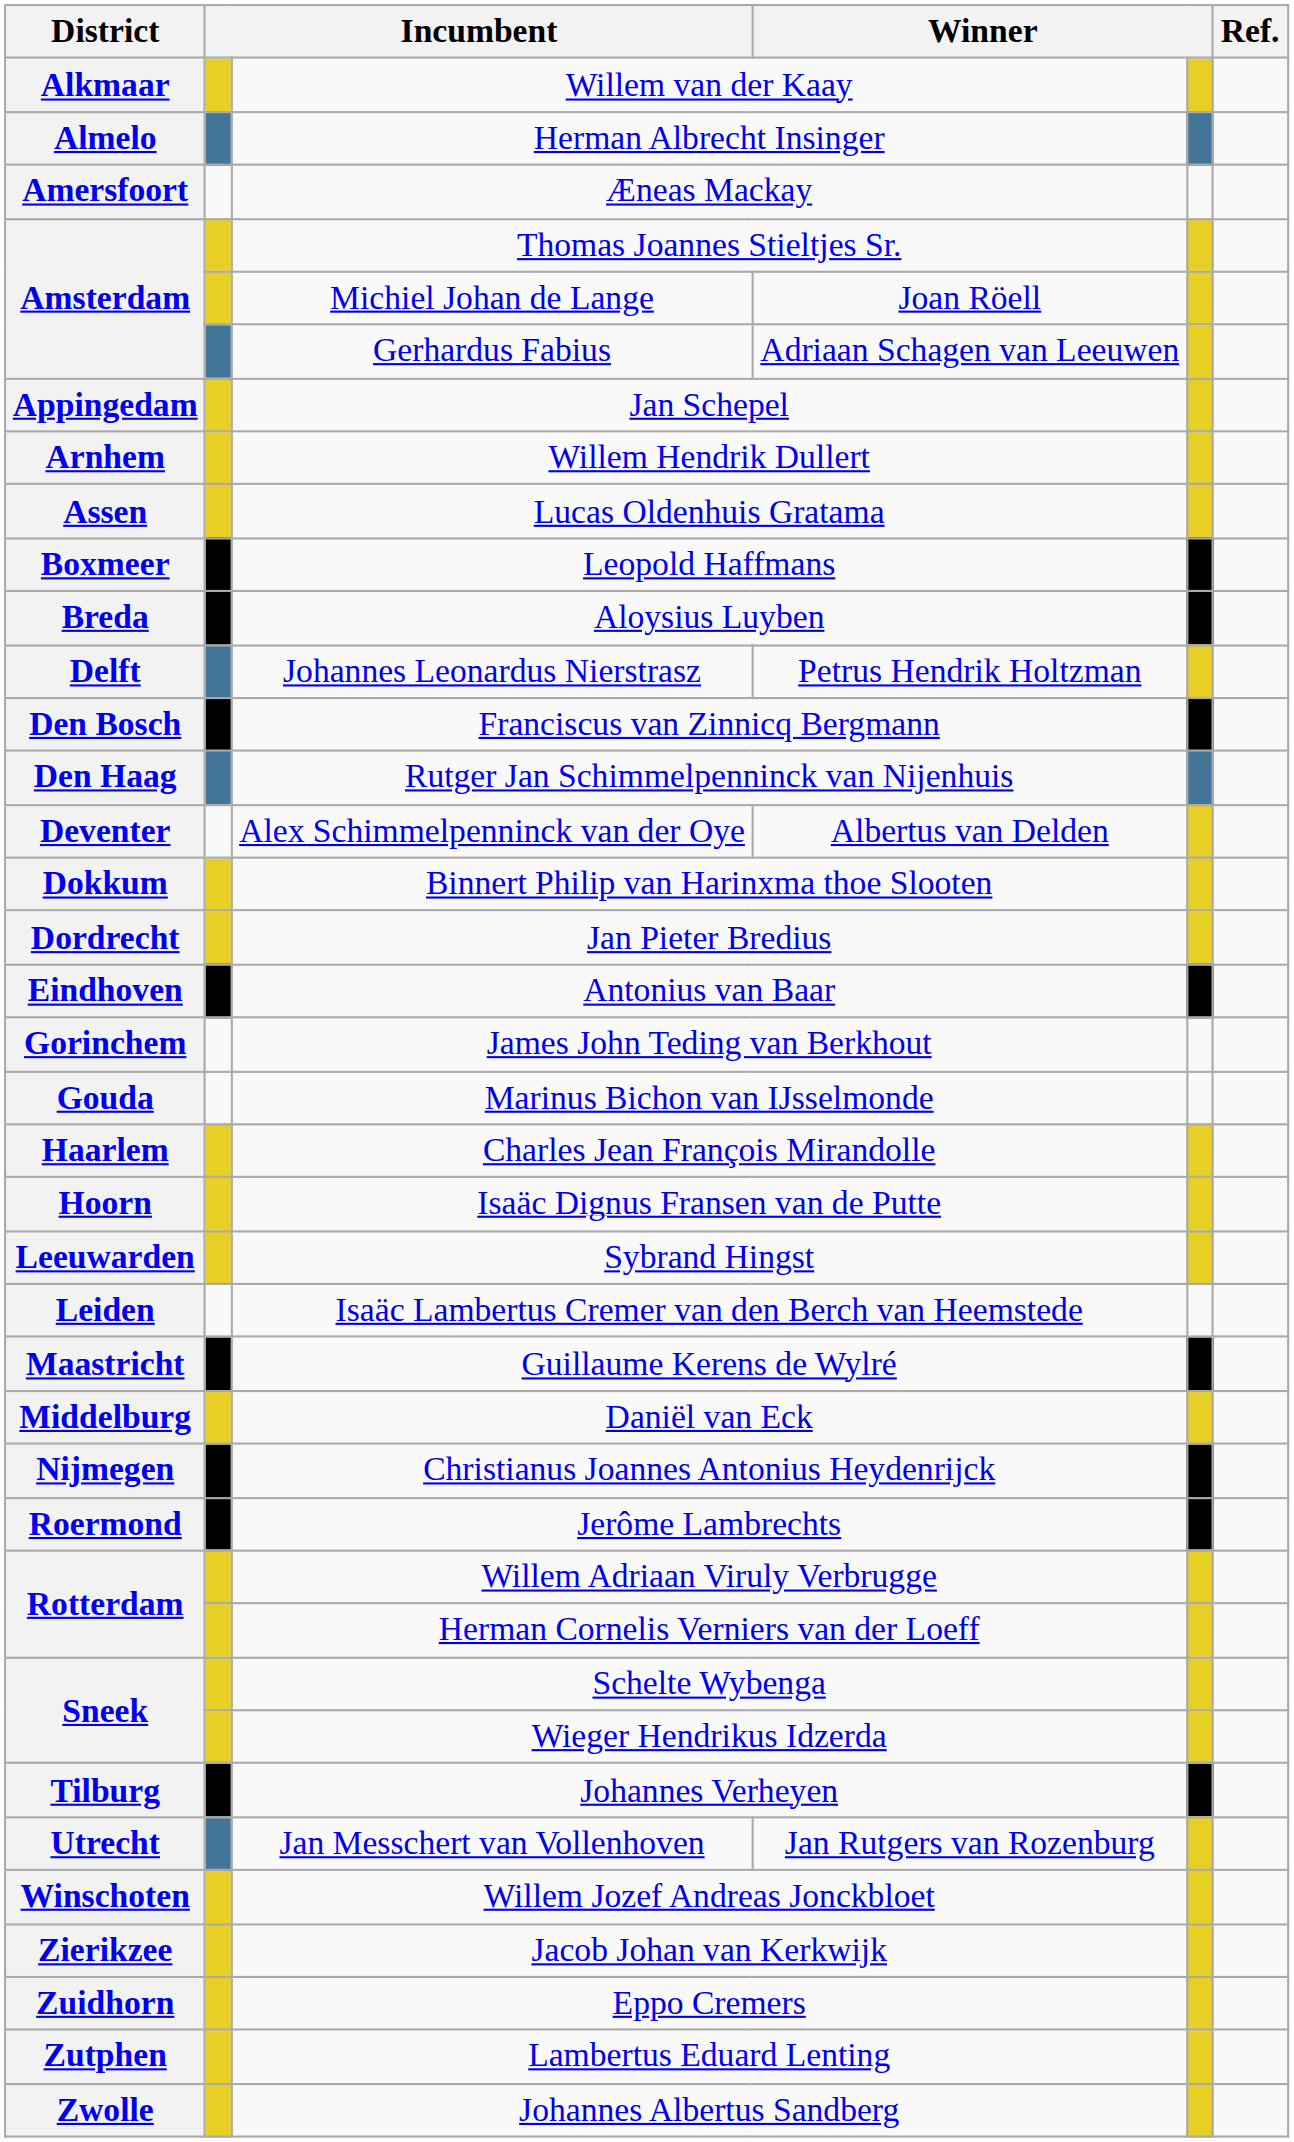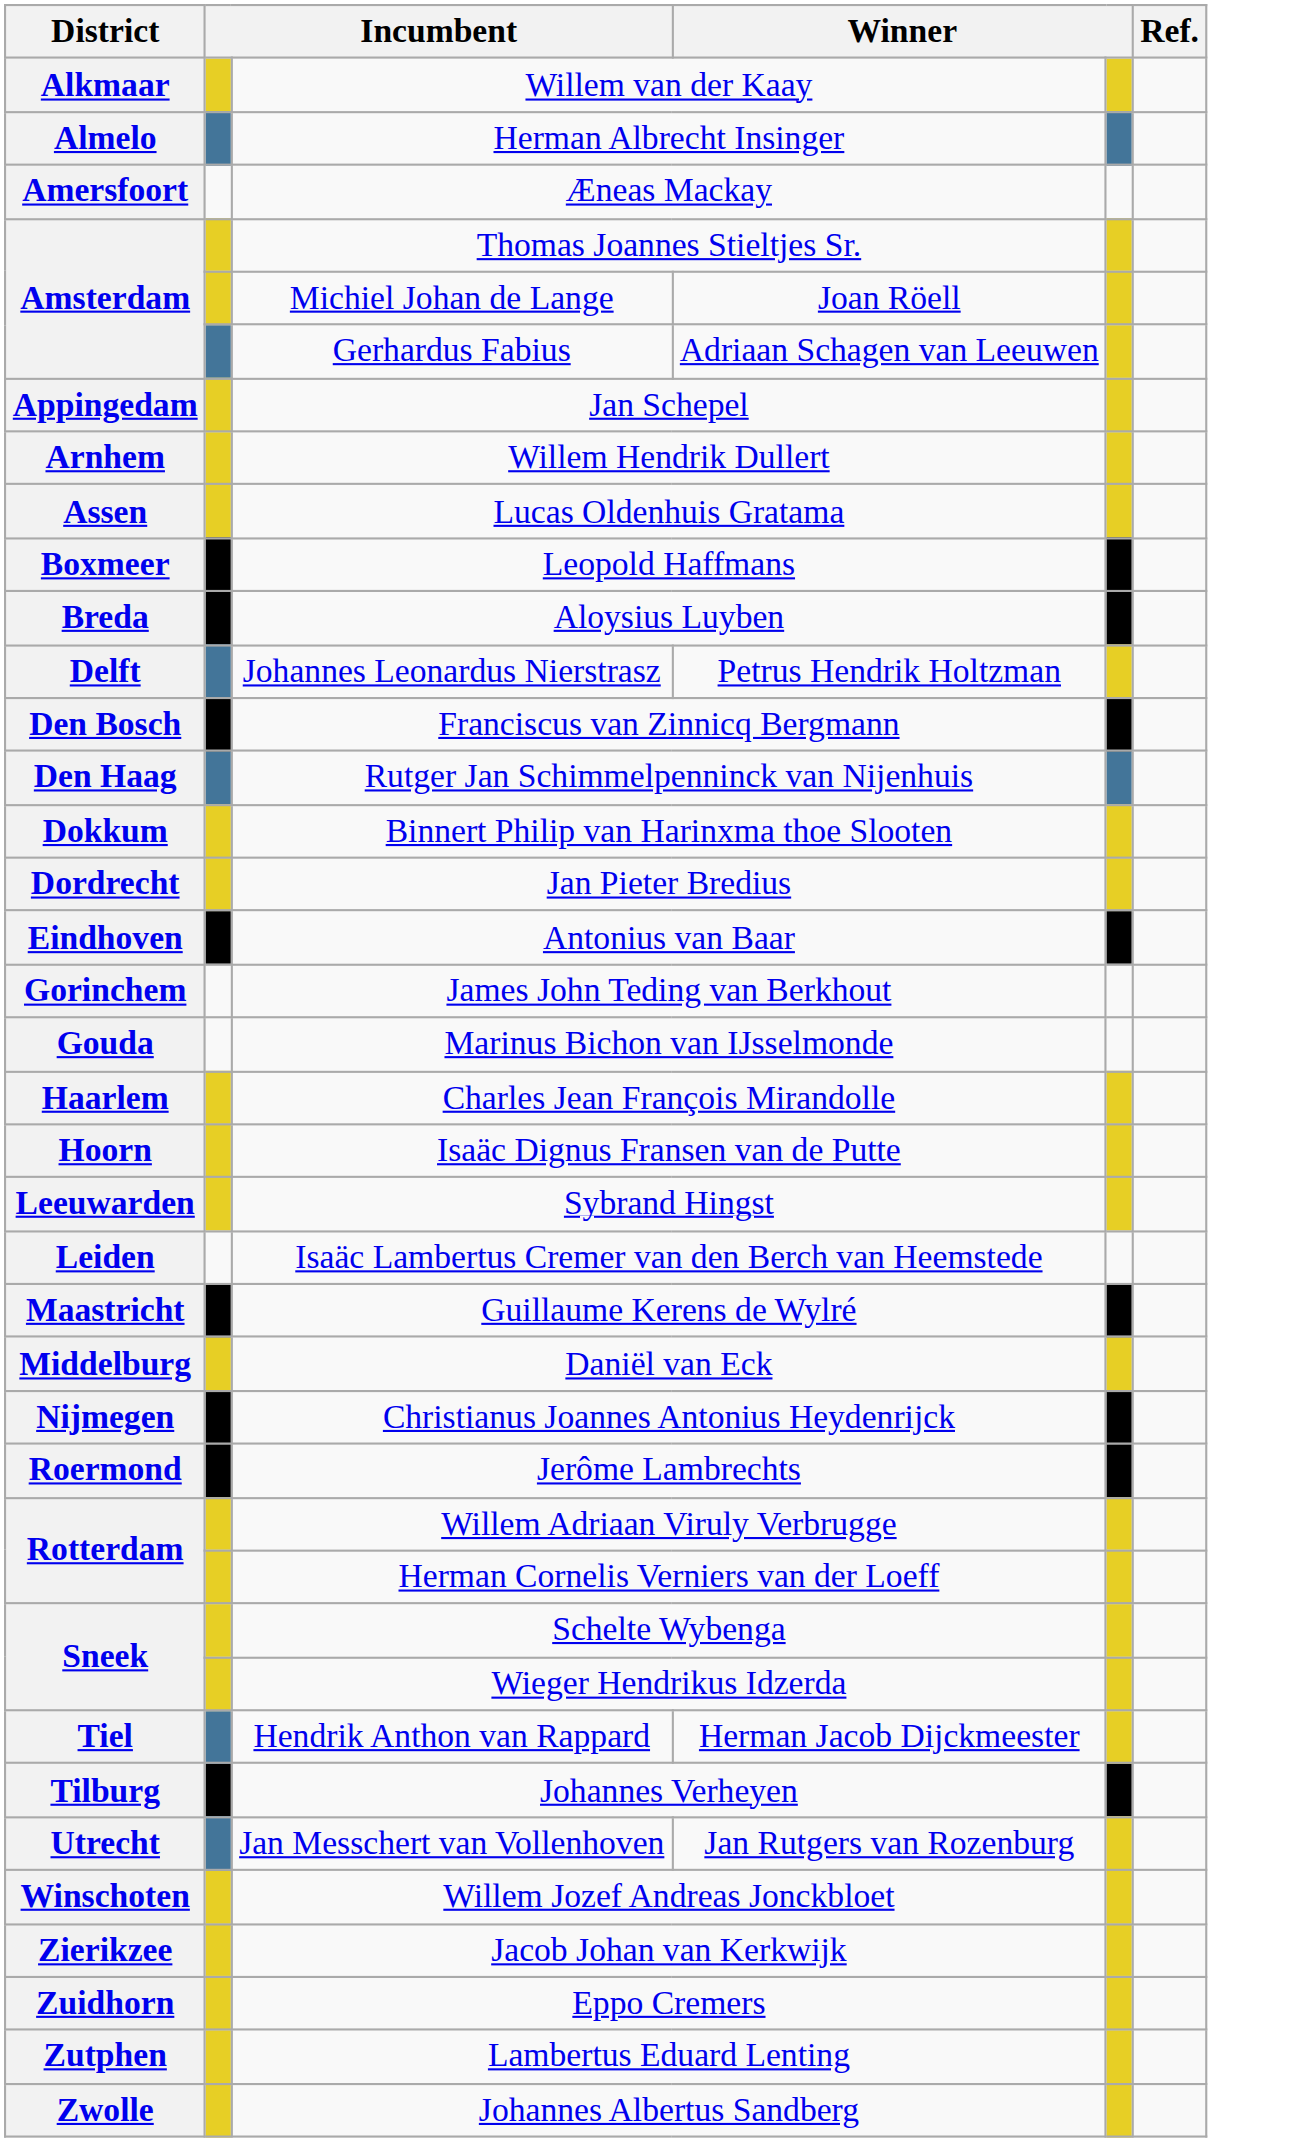 <table class="wikitable">
 <tr style="text-align:center;">
 <th>District</th>
 <th colspan=2>Incumbent</th>
 <th colspan=2>Winner</th>
 <th>Ref.</th>
 </tr>
 <tr>
 <th><a href='#'>Alkmaar</a></th>
 <td style="width:5px; background:#e7cf25"></td>
 <td colspan=2 style="text-align:center"><a href='#'>Willem van der Kaay</a></td>
 <td style="width:5px; background:#e7cf25"></td>
 <td></td>
 </tr>
 <tr>
 <th><a href='#'>Almelo</a></th>
 <td style="width:5px; background:#437599"></td>
 <td colspan=2 style="text-align:center"><a href='#'>Herman Albrecht Insinger</a></td>
 <td style="width:5px; background:#437599"></td>
 <td></td>
 </tr>
 <tr>
 <th><a href='#'>Amersfoort</a></th>
 <td style="width:5px; background:"></td>
 <td colspan=2 style="text-align:center"><a href='#'>Æneas Mackay</a></td>
 <td style="width:5px; background:"></td>
 <td></td>
 </tr>
 <tr>
 <th rowspan=3><a href='#'>Amsterdam</a></th>
 <td style="width:5px; background:#e7cf25"></td>
 <td colspan=2 style="text-align:center"><a href='#'>Thomas Joannes Stieltjes Sr.</a></td>
 <td style="width:5px; background:#e7cf25"></td>
 <td></td>
 </tr>
 <tr>
 <td style="width:5px; background:#e7cf25"></td>
 <td style="text-align:center"><a href='#'>Michiel Johan de Lange</a></td>
 <td style="text-align:center"><a href='#'>Joan Röell</a></td>
 <td style="width:5px; background:#e7cf25"></td>
 <td></td>
 </tr>
 <tr>
 <td style="width:5px; background:#437599"></td>
 <td style="text-align:center"><a href='#'>Gerhardus Fabius</a></td>
 <td style="text-align:center"><a href='#'>Adriaan Schagen van Leeuwen</a></td>
 <td style="width:5px; background:#e7cf25"></td>
 <td></td>
 </tr>
 <tr>
 <th><a href='#'>Appingedam</a></th>
 <td style="width:5px; background:#e7cf25"></td>
 <td colspan=2 style="text-align:center"><a href='#'>Jan Schepel</a></td>
 <td style="width:5px; background:#e7cf25"></td>
 <td></td>
 </tr>
 <tr>
 <th><a href='#'>Arnhem</a></th>
 <td style="width:5px; background:#e7cf25"></td>
 <td colspan=2 style="text-align:center"><a href='#'>Willem Hendrik Dullert</a></td>
 <td style="width:5px; background:#e7cf25"></td>
 <td></td>
 </tr>
 <tr>
 <th><a href='#'>Assen</a></th>
 <td style="width:5px; background:#e7cf25"></td>
 <td colspan=2 style="text-align:center"><a href='#'>Lucas Oldenhuis Gratama</a></td>
 <td style="width:5px; background:#e7cf25"></td>
 <td></td>
 </tr>
 <tr>
 <th><a href='#'>Boxmeer</a></th>
 <td style="width:5px; background:black"></td>
 <td colspan=2 style="text-align:center"><a href='#'>Leopold Haffmans</a></td>
 <td style="width:5px; background:black"></td>
 <td></td>
 </tr>
 <tr>
 <th><a href='#'>Breda</a></th>
 <td style="width:5px; background:black"></td>
 <td colspan=2 style="text-align:center"><a href='#'>Aloysius Luyben</a></td>
 <td style="width:5px; background:black"></td>
 <td></td>
 </tr>
 <tr>
 <th><a href='#'>Delft</a></th>
 <td style="width:5px; background:#437599"></td>
 <td style="text-align:center"><a href='#'>Johannes Leonardus Nierstrasz</a></td>
 <td style="text-align:center"><a href='#'>Petrus Hendrik Holtzman</a></td>
 <td style="width:5px; background:#e7cf25"></td>
 <td></td>
 </tr>
 <tr>
 <th><a href='#'>Den Bosch</a></th>
 <td style="width:5px; background:black"></td>
 <td colspan=2 style="text-align:center"><a href='#'>Franciscus van Zinnicq Bergmann</a></td>
 <td style="width:5px; background:black"></td>
 <td></td>
 </tr>
 <tr>
 <th><a href='#'>Den Haag</a></th>
 <td style="width:5px; background:#437599"></td>
 <td colspan=2 style="text-align:center"><a href='#'>Rutger Jan Schimmelpenninck van Nijenhuis</a></td>
 <td style="width:5px; background:#437599"></td>
-<td></td>
-</tr>
-<tr>
-<th><a href='#'>Deventer</a></th>
-<td style="width:5px; background:"></td>
-<td style="text-align:center"><a href='#'>Alex Schimmelpenninck van der Oye</a></td>
-<td style="text-align:center"><a href='#'>Albertus van Delden</a></td>
-<td style="width:5px; background:#e7cf25"></td>
 <td></td>
 </tr>
 <tr>
 <th><a href='#'>Dokkum</a></th>
 <td style="width:5px; background:#e7cf25"></td>
 <td colspan=2 style="text-align:center"><a href='#'>Binnert Philip van Harinxma thoe Slooten</a></td>
 <td style="width:5px; background:#e7cf25"></td>
 <td></td>
 </tr>
 <tr>
 <th><a href='#'>Dordrecht</a></th>
 <td style="width:5px; background:#e7cf25"></td>
 <td colspan=2 style="text-align:center"><a href='#'>Jan Pieter Bredius</a></td>
 <td style="width:5px; background:#e7cf25"></td>
 <td></td>
 </tr>
 <tr>
 <th><a href='#'>Eindhoven</a></th>
 <td style="width:5px; background:black"></td>
 <td colspan=2 style="text-align:center"><a href='#'>Antonius van Baar</a></td>
 <td style="width:5px; background:black"></td>
 <td></td>
 </tr>
 <tr>
 <th><a href='#'>Gorinchem</a></th>
 <td style="width:5px; background:"></td>
 <td colspan=2 style="text-align:center"><a href='#'>James John Teding van Berkhout</a></td>
 <td style="width:5px; background:"></td>
 <td></td>
 </tr>
 <tr>
 <th><a href='#'>Gouda</a></th>
 <td style="width:5px; background:"></td>
 <td colspan=2 style="text-align:center"><a href='#'>Marinus Bichon van IJsselmonde</a></td>
 <td style="width:5px; background:"></td>
 <td></td>
 </tr>
 <tr>
 <th><a href='#'>Haarlem</a></th>
 <td style="width:5px; background:#e7cf25"></td>
 <td colspan=2 style="text-align:center"><a href='#'>Charles Jean François Mirandolle</a></td>
 <td style="width:5px; background:#e7cf25"></td>
 <td></td>
 </tr>
 <tr>
 <th><a href='#'>Hoorn</a></th>
 <td style="width:5px; background:#e7cf25"></td>
 <td colspan=2 style="text-align:center"><a href='#'>Isaäc Dignus Fransen van de Putte</a></td>
 <td style="width:5px; background:#e7cf25"></td>
 <td></td>
 </tr>
 <tr>
 <th><a href='#'>Leeuwarden</a></th>
 <td style="width:5px; background:#e7cf25"></td>
 <td colspan=2 style="text-align:center"><a href='#'>Sybrand Hingst</a></td>
 <td style="width:5px; background:#e7cf25"></td>
 <td></td>
 </tr>
 <tr>
 <th><a href='#'>Leiden</a></th>
 <td style="width:5px; background:"></td>
 <td colspan=2 style="text-align:center"><a href='#'>Isaäc Lambertus Cremer van den Berch van Heemstede</a></td>
 <td style="width:5px; background:"></td>
 <td></td>
 </tr>
 <tr>
 <th><a href='#'>Maastricht</a></th>
 <td style="width:5px; background:black"></td>
 <td colspan=2 style="text-align:center"><a href='#'>Guillaume Kerens de Wylré</a></td>
 <td style="width:5px; background:black"></td>
 <td></td>
 </tr>
 <tr>
 <th><a href='#'>Middelburg</a></th>
 <td style="width:5px; background:#e7cf25"></td>
 <td colspan=2 style="text-align:center"><a href='#'>Daniël van Eck</a></td>
 <td style="width:5px; background:#e7cf25"></td>
 <td></td>
 </tr>
 <tr>
 <th><a href='#'>Nijmegen</a></th>
 <td style="width:5px; background:black"></td>
 <td colspan=2 style="text-align:center"><a href='#'>Christianus Joannes Antonius Heydenrijck</a></td>
 <td style="width:5px; background:black"></td>
 <td></td>
 </tr>
 <tr>
 <th><a href='#'>Roermond</a></th>
 <td style="width:5px; background:black"></td>
 <td colspan=2 style="text-align:center"><a href='#'>Jerôme Lambrechts</a></td>
 <td style="width:5px; background:black"></td>
 <td></td>
 </tr>
 <tr>
 <th rowspan=2><a href='#'>Rotterdam</a></th>
 <td style="width:5px; background:#e7cf25"></td>
 <td colspan=2 style="text-align:center"><a href='#'>Willem Adriaan Viruly Verbrugge</a></td>
 <td style="width:5px; background:#e7cf25"></td>
 <td></td>
 </tr>
 <tr>
 <td style="width:5px; background:#e7cf25"></td>
 <td colspan=2 style="text-align:center"><a href='#'>Herman Cornelis Verniers van der Loeff</a></td>
 <td style="width:5px; background:#e7cf25"></td>
 <td></td>
 </tr>
 <tr>
 <th rowspan=2><a href='#'>Sneek</a></th>
 <td style="width:5px; background:#e7cf25"></td>
 <td colspan=2 style="text-align:center"><a href='#'>Schelte Wybenga</a></td>
 <td style="width:5px; background:#e7cf25"></td>
 <td></td>
 </tr>
 <tr>
 <td style="width:5px; background:#e7cf25"></td>
 <td colspan=2 style="text-align:center"><a href='#'>Wieger Hendrikus Idzerda</a></td>
 <td style="width:5px; background:#e7cf25"></td>
 <td></td>
 </tr>
 <tr>
+<th><a href='#'>Tiel</a></th>
+<td style="width:5px; background:#437599"></td>
+<td style="text-align:center"><a href='#'>Hendrik Anthon van Rappard</a></td>
+<td style="text-align:center"><a href='#'>Herman Jacob Dijckmeester</a></td>
+<td style="width:5px; background:#e7cf25"></td>
+<td></td>
+</tr>
+<tr>
 <th><a href='#'>Tilburg</a></th>
 <td style="width:5px; background:black"></td>
 <td colspan=2 style="text-align:center"><a href='#'>Johannes Verheyen</a></td>
 <td style="width:5px; background:black"></td>
 <td></td>
 </tr>
 <tr>
 <th><a href='#'>Utrecht</a></th>
 <td style="width:5px; background:#437599"></td>
 <td style="text-align:center"><a href='#'>Jan Messchert van Vollenhoven</a></td>
 <td style="text-align:center"><a href='#'>Jan Rutgers van Rozenburg</a></td>
 <td style="width:5px; background:#e7cf25"></td>
 <td></td>
 </tr>
 <tr>
 <th><a href='#'>Winschoten</a></th>
 <td style="width:5px; background:#e7cf25"></td>
 <td colspan=2 style="text-align:center"><a href='#'>Willem Jozef Andreas Jonckbloet</a></td>
 <td style="width:5px; background:#e7cf25"></td>
 <td></td>
 </tr>
 <tr>
 <th><a href='#'>Zierikzee</a></th>
 <td style="width:5px; background:#e7cf25"></td>
 <td colspan=2 style="text-align:center"><a href='#'>Jacob Johan van Kerkwijk</a></td>
 <td style="width:5px; background:#e7cf25"></td>
 <td></td>
 </tr>
 <tr>
 <th><a href='#'>Zuidhorn</a></th>
 <td style="width:5px; background:#e7cf25"></td>
 <td colspan=2 style="text-align:center"><a href='#'>Eppo Cremers</a></td>
 <td style="width:5px; background:#e7cf25"></td>
 <td></td>
 </tr>
 <tr>
 <th><a href='#'>Zutphen</a></th>
 <td style="width:5px; background:#e7cf25"></td>
 <td colspan=2 style="text-align:center"><a href='#'>Lambertus Eduard Lenting</a></td>
 <td style="width:5px; background:#e7cf25"></td>
 <td></td>
 </tr>
 <tr>
 <th><a href='#'>Zwolle</a></th>
 <td style="width:5px; background:#e7cf25"></td>
 <td colspan=2 style="text-align:center"><a href='#'>Johannes Albertus Sandberg</a></td>
 <td style="width:5px; background:#e7cf25"></td>
 <td></td>
 </tr>
 </table>
